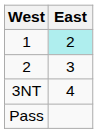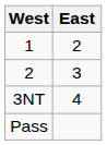 <table class="wikitable" style="float:left; margin-top:10px; margin-right:15px;">
 <tr>
 <th width="50%">West</th>
 <th width="50%">East</th>
 </tr>
 <tr align=center>
 <td>1</td>
-<td style="background: paleturquoise;">2</td>
+<td>2</td>
 </tr>
 <tr align=center>
 <td>2</td>
 <td>3</td>
 </tr>
 <tr align=center>
 <td>3NT</td>
 <td>4</td>
 </tr>
 <tr align=center>
 <td>Pass</td>
 <td></td>
 </tr>
 </table>
